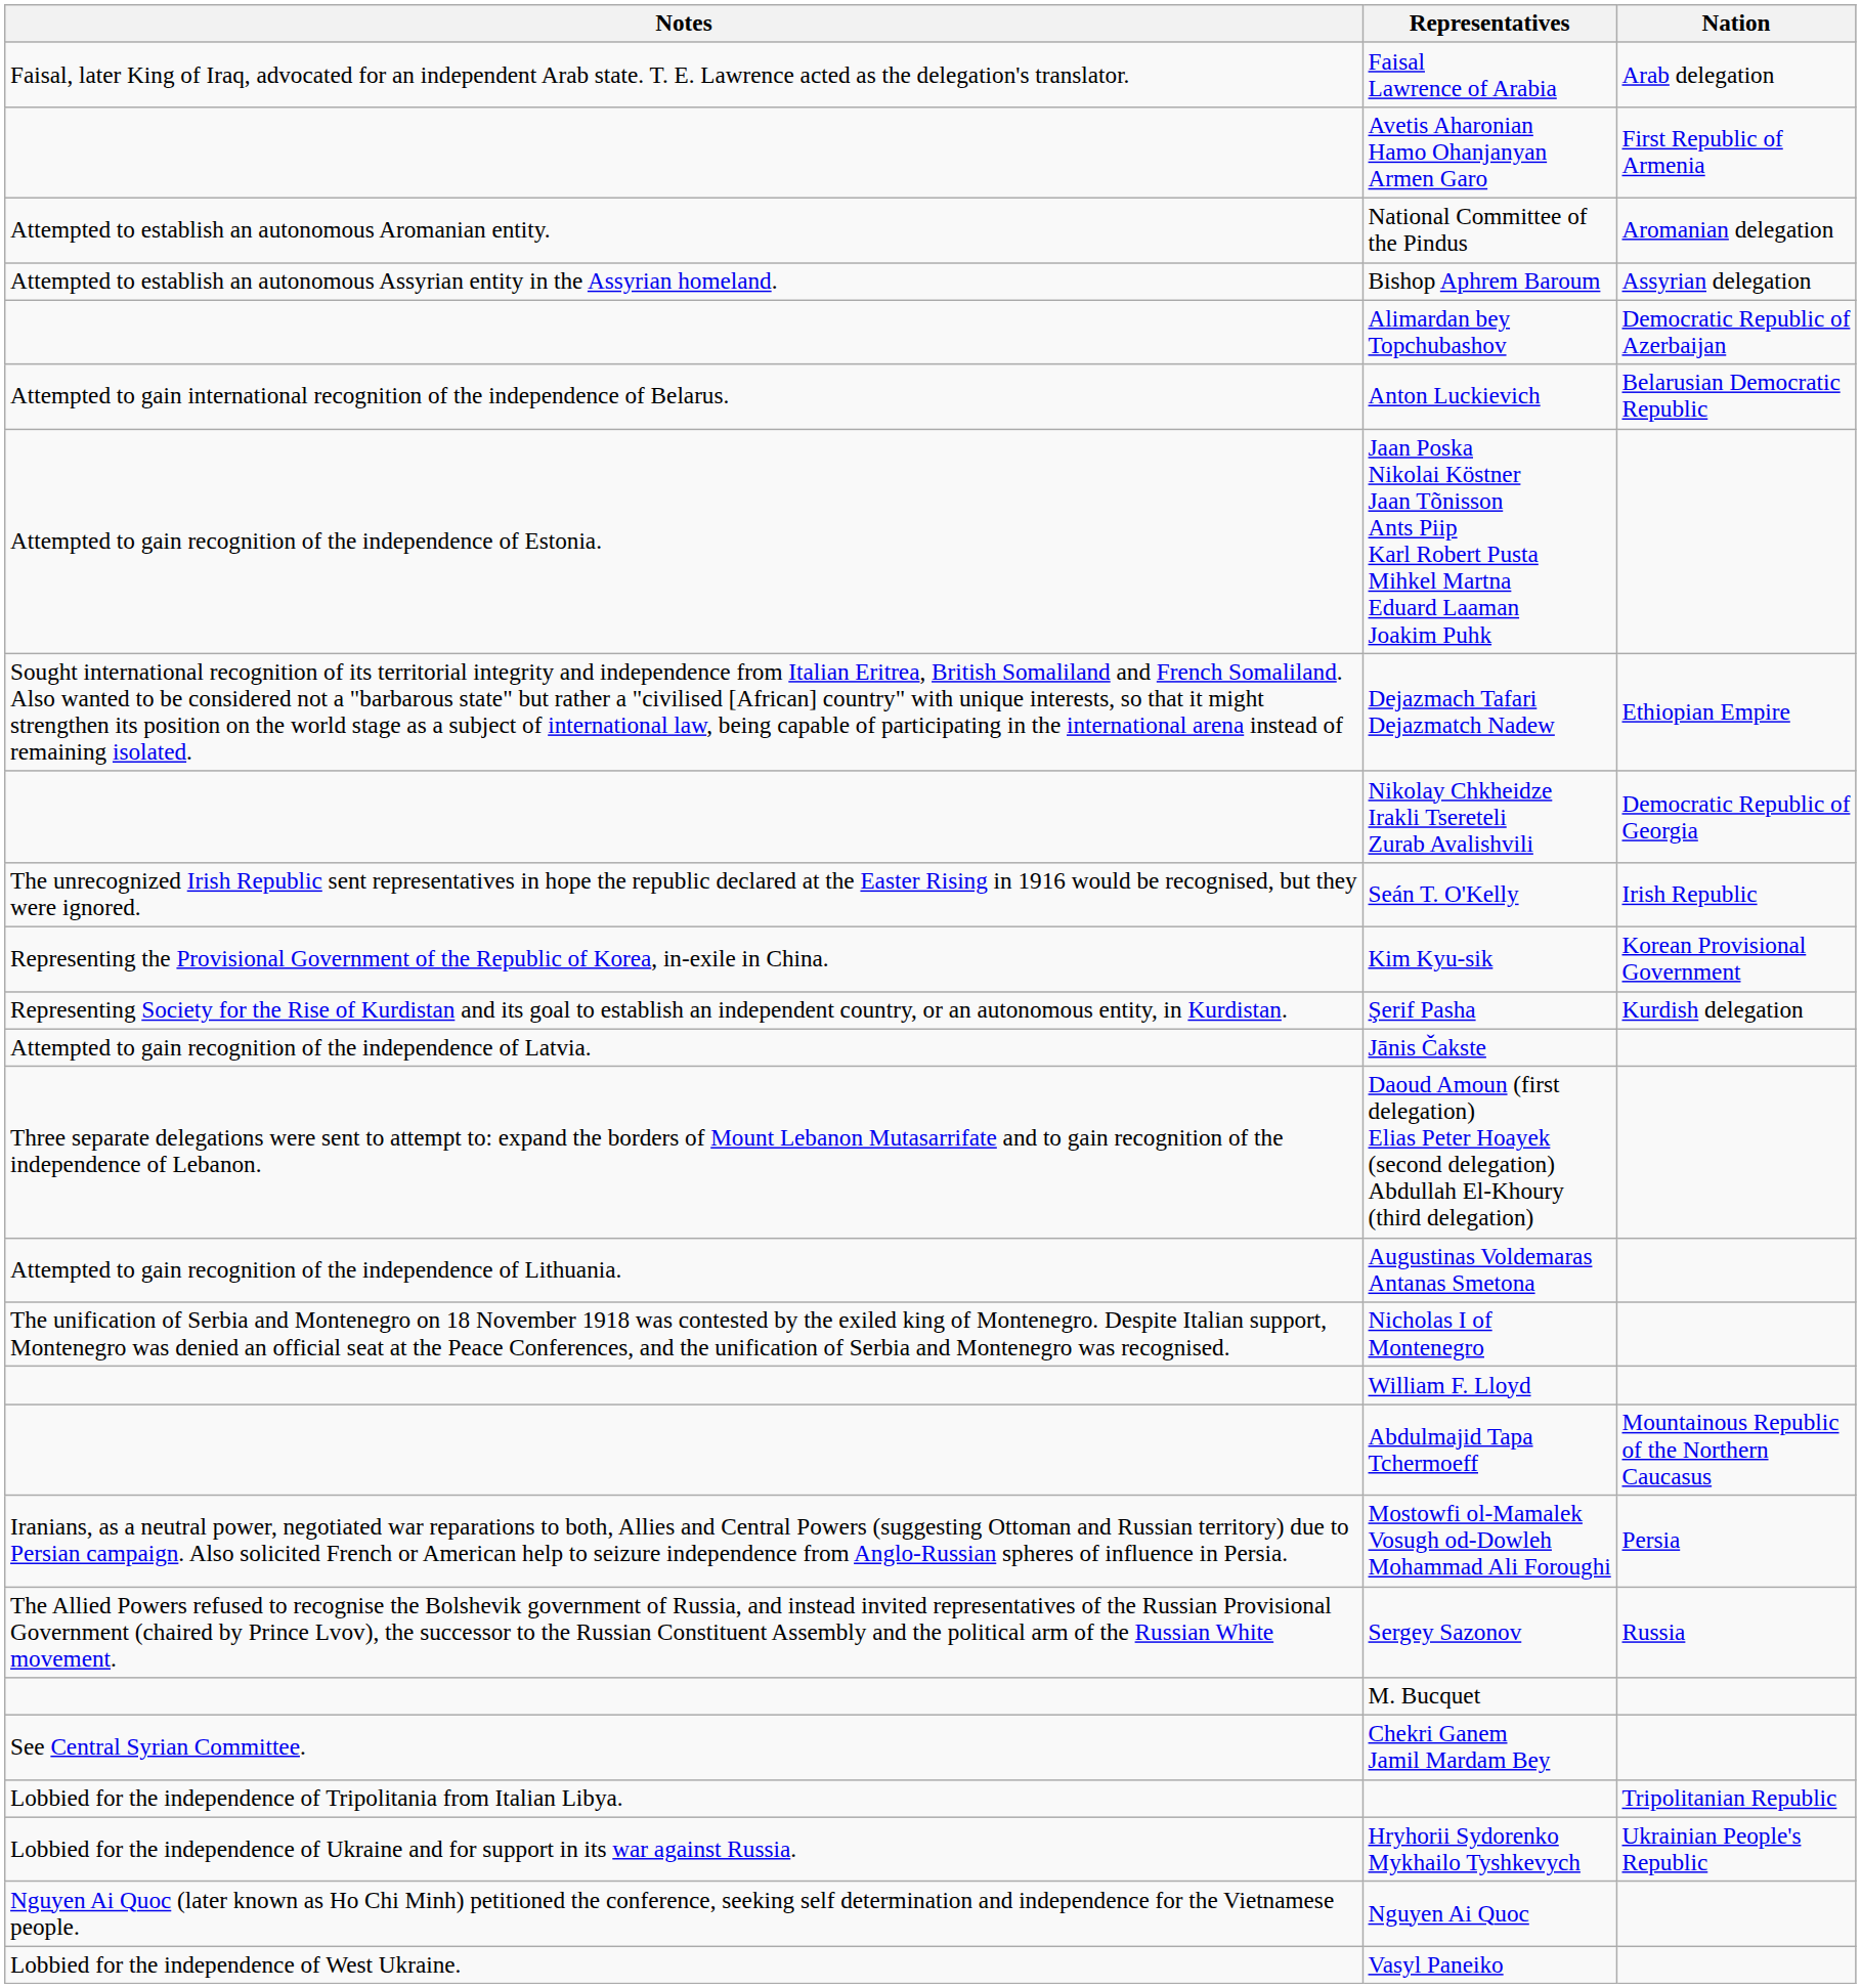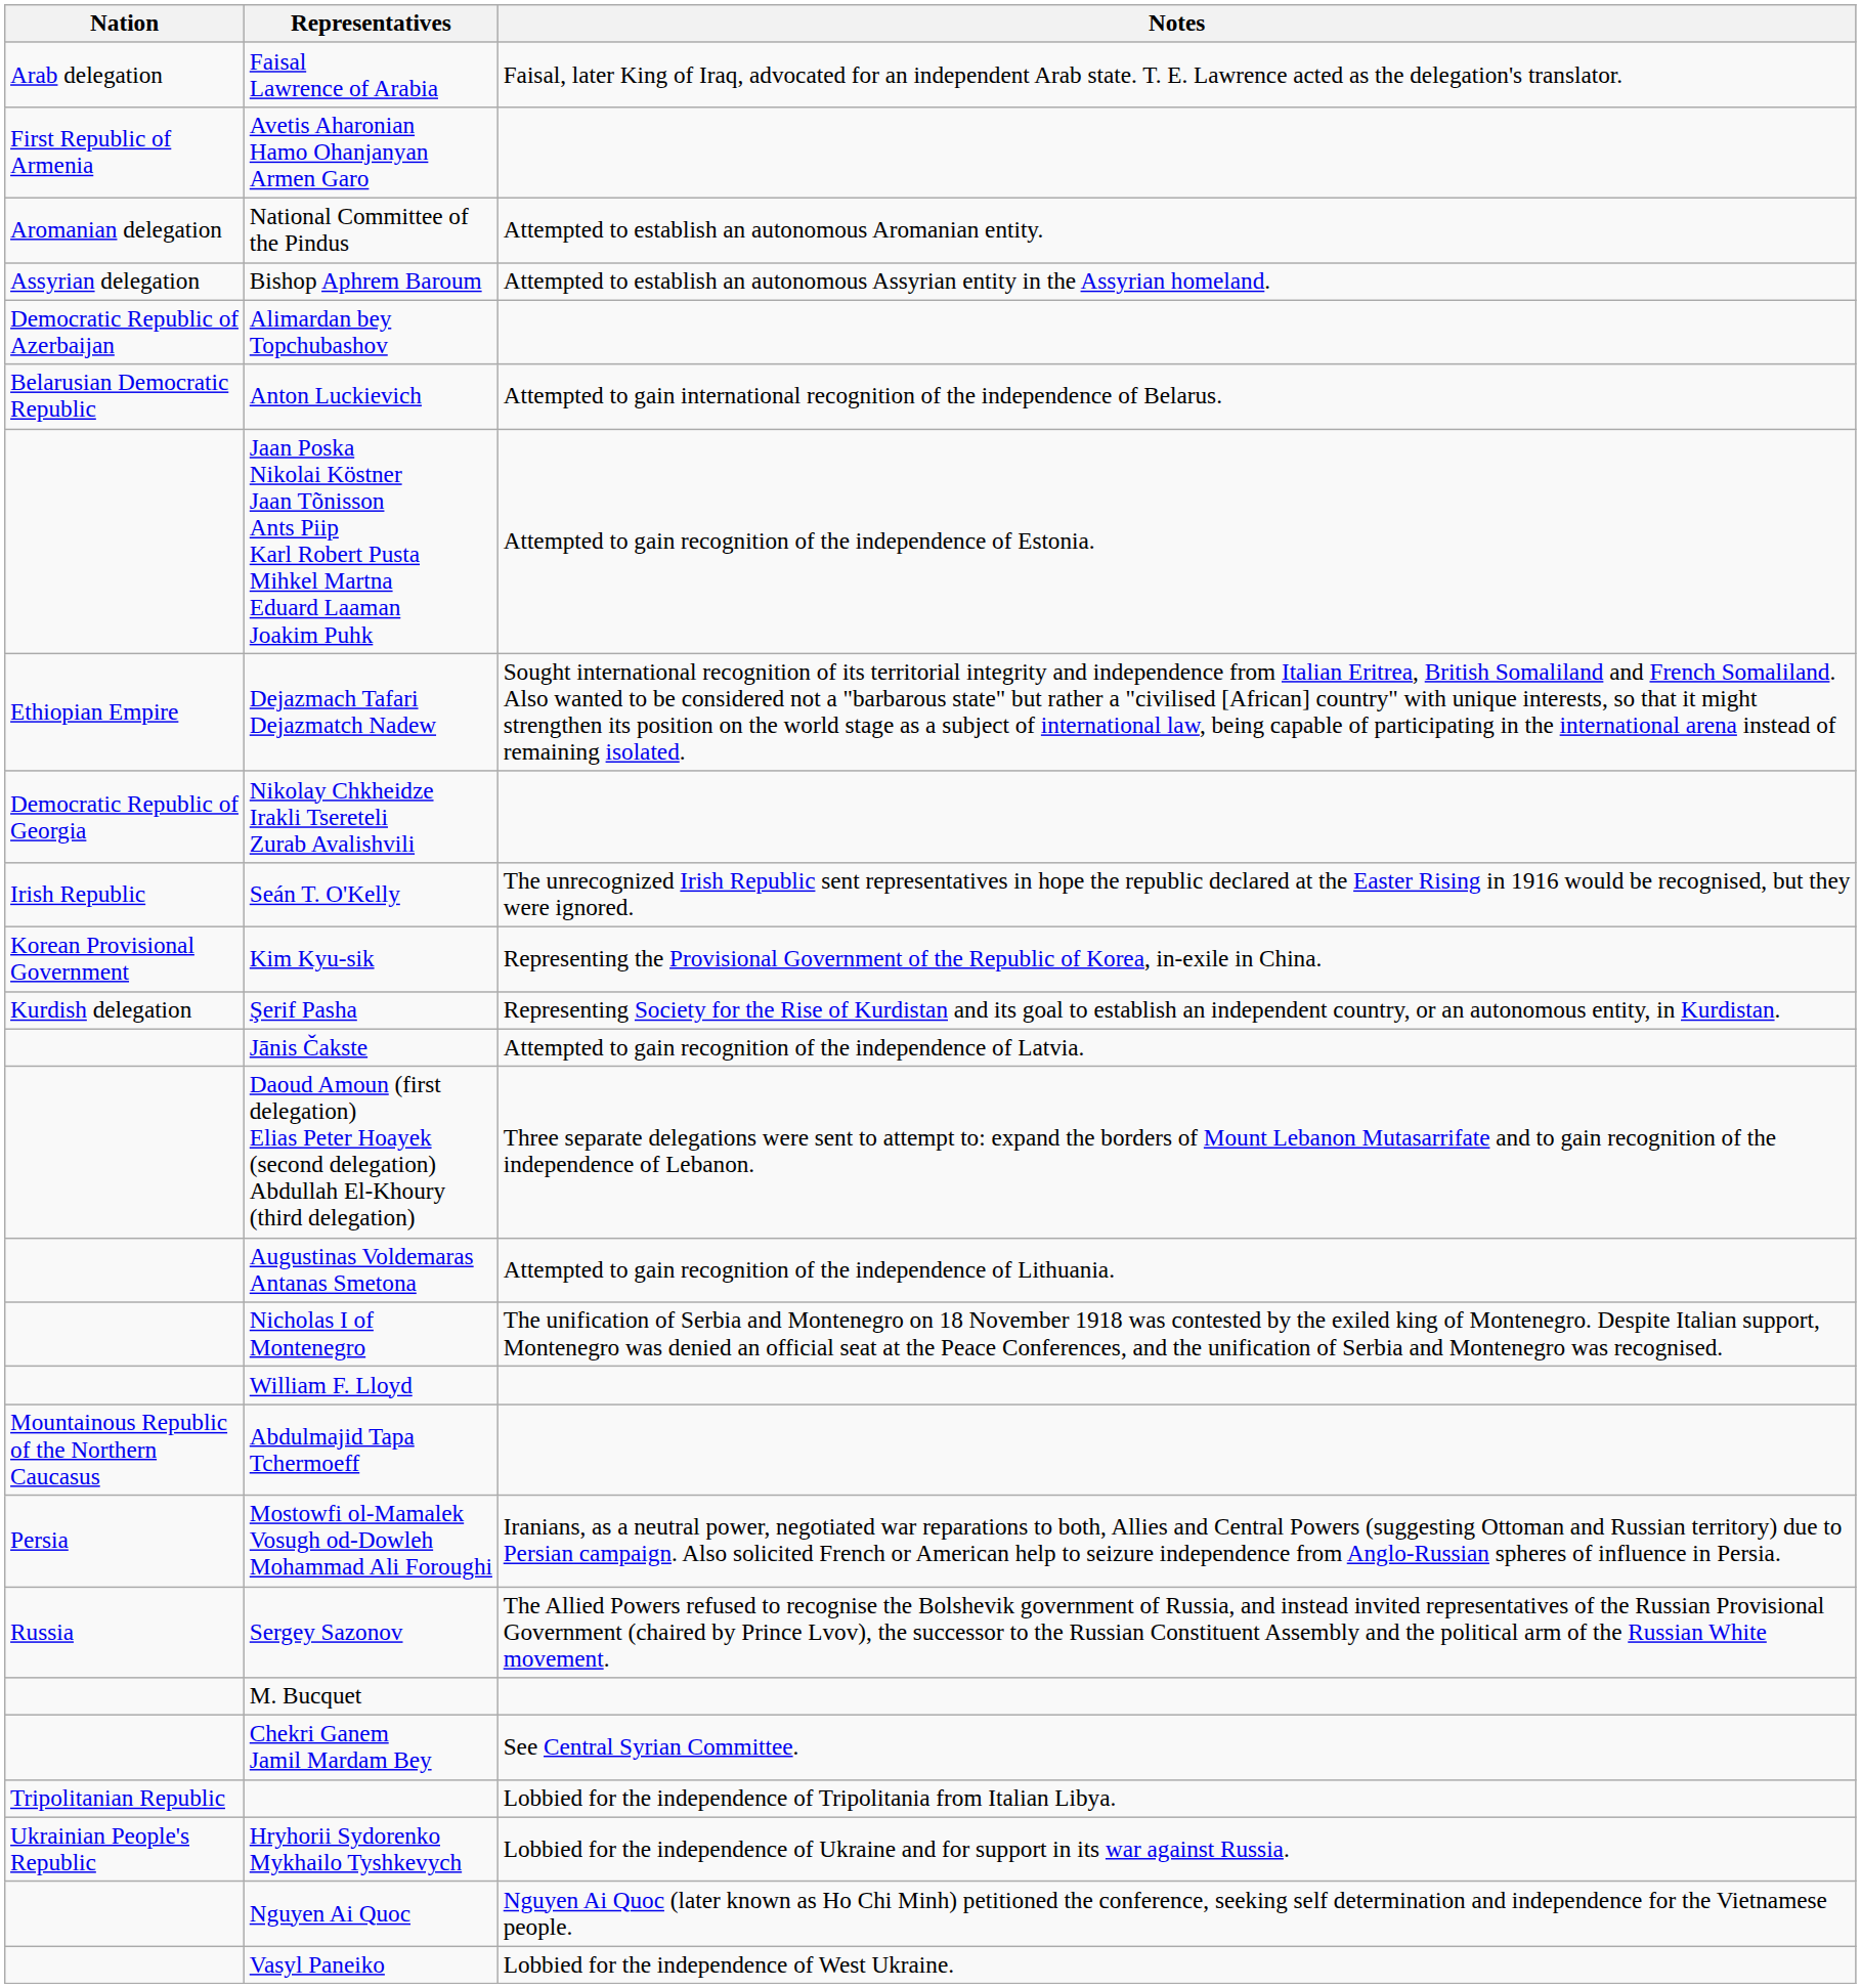 <table class="wikitable sortable">
 <tr>
+<th>Nation</th>
+<th>Representatives</th>
 <th>Notes</th>
-<th>Representatives</th>
-<th>Nation</th>
 </tr>
 <tr>
+<td> <a href='#'>Arab</a> delegation</td>
+<td><a href='#'>Faisal</a><br><a href='#'>Lawrence of Arabia</a></td>
 <td>Faisal, later King of Iraq, advocated for an independent Arab state. T. E. Lawrence acted as the delegation's translator.</td>
-<td><a href='#'>Faisal</a><br><a href='#'>Lawrence of Arabia</a></td>
-<td> <a href='#'>Arab</a> delegation</td>
+</tr>
+<tr>
+<td> <a href='#'>First Republic of Armenia</a></td>
+<td><a href='#'>Avetis Aharonian</a><br><a href='#'>Hamo Ohanjanyan</a><br><a href='#'>Armen Garo</a></td>
+<td></td>
+</tr>
+<tr>
+<td> <a href='#'>Aromanian</a> delegation</td>
+<td>National Committee of the Pindus</td>
+<td>Attempted to establish an autonomous Aromanian entity.</td>
+</tr>
+<tr>
+<td> <a href='#'>Assyrian</a> delegation</td>
+<td>Bishop <a href='#'>Aphrem Baroum</a></td>
+<td>Attempted to establish an autonomous Assyrian entity in the <a href='#'>Assyrian homeland</a>.</td>
+</tr>
+<tr>
+<td> <a href='#'>Democratic Republic of Azerbaijan</a></td>
+<td><a href='#'>Alimardan bey Topchubashov</a></td>
+<td></td>
+</tr>
+<tr>
+<td> <a href='#'>Belarusian Democratic Republic</a></td>
+<td><a href='#'>Anton Luckievich</a></td>
+<td>Attempted to gain international recognition of the independence of Belarus.</td>
 </tr>
 <tr>
 <td></td>
-<td><a href='#'>Avetis Aharonian</a><br><a href='#'>Hamo Ohanjanyan</a><br><a href='#'>Armen Garo</a></td>
-<td> <a href='#'>First Republic of Armenia</a></td>
+<td><a href='#'>Jaan Poska</a><br><a href='#'>Nikolai Köstner</a><br><a href='#'>Jaan Tõnisson</a><br><a href='#'>Ants Piip</a><br><a href='#'>Karl Robert Pusta</a><br><a href='#'>Mihkel Martna</a><br><a href='#'>Eduard Laaman</a><br><a href='#'>Joakim Puhk</a></td>
+<td>Attempted to gain recognition of the independence of Estonia.</td>
 </tr>
 <tr>
-<td>Attempted to establish an autonomous Aromanian entity.</td>
-<td>National Committee of the Pindus</td>
-<td> <a href='#'>Aromanian</a> delegation</td>
+<td> <a href='#'>Ethiopian Empire</a></td>
+<td><a href='#'>Dejazmach Tafari</a><br><a href='#'>Dejazmatch Nadew</a></td>
+<td>Sought international recognition of its territorial integrity and independence from <a href='#'>Italian Eritrea</a>, <a href='#'>British Somaliland</a> and <a href='#'>French Somaliland</a>. Also wanted to be considered not a "barbarous state" but rather a "civilised [African] country" with unique interests, so that it might strengthen its position on the world stage as a subject of <a href='#'>international law</a>, being capable of participating in the <a href='#'>international arena</a> instead of remaining <a href='#'>isolated</a>.</td>
 </tr>
 <tr>
-<td>Attempted to establish an autonomous Assyrian entity in the <a href='#'>Assyrian homeland</a>.</td>
-<td>Bishop <a href='#'>Aphrem Baroum</a></td>
-<td> <a href='#'>Assyrian</a> delegation</td>
+<td> <a href='#'>Democratic Republic of Georgia</a></td>
+<td><a href='#'>Nikolay Chkheidze</a><br><a href='#'>Irakli Tsereteli</a><br><a href='#'>Zurab Avalishvili</a></td>
+<td></td>
+</tr>
+<tr>
+<td> <a href='#'>Irish Republic</a></td>
+<td><a href='#'>Seán T. O'Kelly</a></td>
+<td>The unrecognized <a href='#'>Irish Republic</a> sent representatives in hope the republic declared at the <a href='#'>Easter Rising</a> in 1916 would be recognised, but they were ignored.</td>
+</tr>
+<tr>
+<td> <a href='#'>Korean Provisional Government</a></td>
+<td><a href='#'>Kim Kyu-sik</a></td>
+<td>Representing the <a href='#'>Provisional Government of the Republic of Korea</a>, in-exile in China.</td>
+</tr>
+<tr>
+<td> <a href='#'>Kurdish</a> delegation</td>
+<td><a href='#'>Şerif Pasha</a></td>
+<td>Representing <a href='#'>Society for the Rise of Kurdistan</a> and its goal to establish an independent country, or an autonomous entity, in <a href='#'>Kurdistan</a>.</td>
 </tr>
 <tr>
 <td></td>
-<td><a href='#'>Alimardan bey Topchubashov</a></td>
-<td> <a href='#'>Democratic Republic of Azerbaijan</a></td>
-</tr>
-<tr>
-<td>Attempted to gain international recognition of the independence of Belarus.</td>
-<td><a href='#'>Anton Luckievich</a></td>
-<td> <a href='#'>Belarusian Democratic Republic</a></td>
-</tr>
-<tr>
-<td>Attempted to gain recognition of the independence of Estonia.</td>
-<td><a href='#'>Jaan Poska</a><br><a href='#'>Nikolai Köstner</a><br><a href='#'>Jaan Tõnisson</a><br><a href='#'>Ants Piip</a><br><a href='#'>Karl Robert Pusta</a><br><a href='#'>Mihkel Martna</a><br><a href='#'>Eduard Laaman</a><br><a href='#'>Joakim Puhk</a></td>
-<td></td>
-</tr>
-<tr>
-<td>Sought international recognition of its territorial integrity and independence from <a href='#'>Italian Eritrea</a>, <a href='#'>British Somaliland</a> and <a href='#'>French Somaliland</a>. Also wanted to be considered not a "barbarous state" but rather a "civilised [African] country" with unique interests, so that it might strengthen its position on the world stage as a subject of <a href='#'>international law</a>, being capable of participating in the <a href='#'>international arena</a> instead of remaining <a href='#'>isolated</a>.</td>
-<td><a href='#'>Dejazmach Tafari</a><br><a href='#'>Dejazmatch Nadew</a></td>
-<td> <a href='#'>Ethiopian Empire</a></td>
+<td><a href='#'>Jānis Čakste</a></td>
+<td>Attempted to gain recognition of the independence of Latvia.</td>
 </tr>
 <tr>
 <td></td>
-<td><a href='#'>Nikolay Chkheidze</a><br><a href='#'>Irakli Tsereteli</a><br><a href='#'>Zurab Avalishvili</a></td>
-<td> <a href='#'>Democratic Republic of Georgia</a></td>
+<td><a href='#'>Daoud Amoun</a> (first delegation)<br><a href='#'>Elias Peter Hoayek</a> (second delegation)<br>Abdullah El-Khoury (third delegation)</td>
+<td>Three separate delegations were sent to attempt to: expand the borders of <a href='#'>Mount Lebanon Mutasarrifate</a> and to gain recognition of the independence of Lebanon.</td>
 </tr>
 <tr>
-<td>The unrecognized <a href='#'>Irish Republic</a> sent representatives in hope the republic declared at the <a href='#'>Easter Rising</a> in 1916 would be recognised, but they were ignored.</td>
-<td><a href='#'>Seán T. O'Kelly</a></td>
-<td> <a href='#'>Irish Republic</a></td>
+<td></td>
+<td><a href='#'>Augustinas Voldemaras</a><br><a href='#'>Antanas Smetona</a></td>
+<td>Attempted to gain recognition of the independence of Lithuania.</td>
 </tr>
 <tr>
-<td>Representing the <a href='#'>Provisional Government of the Republic of Korea</a>, in-exile in China.</td>
-<td><a href='#'>Kim Kyu-sik</a></td>
-<td> <a href='#'>Korean Provisional Government</a></td>
-</tr>
-<tr>
-<td>Representing <a href='#'>Society for the Rise of Kurdistan</a> and its goal to establish an independent country, or an autonomous entity, in <a href='#'>Kurdistan</a>.</td>
-<td><a href='#'>Şerif Pasha</a></td>
-<td> <a href='#'>Kurdish</a> delegation</td>
-</tr>
-<tr>
-<td>Attempted to gain recognition of the independence of Latvia.</td>
-<td><a href='#'>Jānis Čakste</a></td>
 <td></td>
-</tr>
-<tr>
-<td>Three separate delegations were sent to attempt to: expand the borders of <a href='#'>Mount Lebanon Mutasarrifate</a> and to gain recognition of the independence of Lebanon.</td>
-<td><a href='#'>Daoud Amoun</a> (first delegation)<br><a href='#'>Elias Peter Hoayek</a> (second delegation)<br>Abdullah El-Khoury (third delegation)</td>
-<td></td>
-</tr>
-<tr>
-<td>Attempted to gain recognition of the independence of Lithuania.</td>
-<td><a href='#'>Augustinas Voldemaras</a><br><a href='#'>Antanas Smetona</a></td>
-<td></td>
-</tr>
-<tr>
+<td><a href='#'>Nicholas I of Montenegro</a></td>
 <td>The unification of Serbia and Montenegro on 18 November 1918 was contested by the exiled king of Montenegro. Despite Italian support, Montenegro was denied an official seat at the Peace Conferences, and the unification of Serbia and Montenegro was recognised.</td>
-<td><a href='#'>Nicholas I of Montenegro</a></td>
-<td></td>
 </tr>
 <tr>
 <td></td>
 <td><a href='#'>William F. Lloyd</a></td>
 <td></td>
 </tr>
 <tr>
+<td> <a href='#'>Mountainous Republic of the Northern Caucasus</a></td>
+<td><a href='#'>Abdulmajid Tapa Tchermoeff</a></td>
 <td></td>
-<td><a href='#'>Abdulmajid Tapa Tchermoeff</a></td>
-<td> <a href='#'>Mountainous Republic of the Northern Caucasus</a></td>
 </tr>
 <tr>
+<td> <a href='#'>Persia</a></td>
+<td><a href='#'>Mostowfi ol-Mamalek</a><br><a href='#'>Vosugh od-Dowleh</a> <a href='#'>Mohammad Ali Foroughi</a></td>
 <td>Iranians, as a neutral power, negotiated war reparations to both, Allies and Central Powers (suggesting Ottoman and Russian territory) due to <a href='#'>Persian campaign</a>. Also solicited French or American help to seizure independence from <a href='#'>Anglo-Russian</a> spheres of influence in Persia.</td>
-<td><a href='#'>Mostowfi ol-Mamalek</a><br><a href='#'>Vosugh od-Dowleh</a> <a href='#'>Mohammad Ali Foroughi</a></td>
-<td> <a href='#'>Persia</a></td>
 </tr>
 <tr>
+<td> <a href='#'>Russia</a></td>
+<td><a href='#'>Sergey Sazonov</a></td>
 <td>The Allied Powers refused to recognise the Bolshevik government of Russia, and instead invited representatives of the Russian Provisional Government (chaired by Prince Lvov), the successor to the Russian Constituent Assembly and the political arm of the <a href='#'>Russian White movement</a>.</td>
-<td><a href='#'>Sergey Sazonov</a></td>
-<td> <a href='#'>Russia</a></td>
 </tr>
 <tr>
 <td></td>
 <td>M. Bucquet</td>
 <td></td>
 </tr>
 <tr>
+<td></td>
+<td><a href='#'>Chekri Ganem</a><br><a href='#'>Jamil Mardam Bey</a></td>
 <td>See <a href='#'>Central Syrian Committee</a>.</td>
-<td><a href='#'>Chekri Ganem</a><br><a href='#'>Jamil Mardam Bey</a></td>
-<td></td>
 </tr>
 <tr>
+<td> <a href='#'>Tripolitanian Republic</a></td>
+<td></td>
 <td>Lobbied for the independence of Tripolitania from Italian Libya.</td>
-<td></td>
-<td> <a href='#'>Tripolitanian Republic</a></td>
 </tr>
 <tr>
+<td> <a href='#'>Ukrainian People's Republic</a></td>
+<td><a href='#'>Hryhorii Sydorenko</a><br><a href='#'>Mykhailo Tyshkevych</a></td>
 <td>Lobbied for the independence of Ukraine and for support in its <a href='#'>war against Russia</a>.</td>
-<td><a href='#'>Hryhorii Sydorenko</a><br><a href='#'>Mykhailo Tyshkevych</a></td>
-<td> <a href='#'>Ukrainian People's Republic</a></td>
 </tr>
 <tr>
+<td></td>
+<td><a href='#'>Nguyen Ai Quoc</a></td>
 <td><a href='#'>Nguyen Ai Quoc</a> (later known as Ho Chi Minh) petitioned the conference, seeking self determination and independence for the Vietnamese people.</td>
-<td><a href='#'>Nguyen Ai Quoc</a></td>
-<td></td>
 </tr>
 <tr>
+<td></td>
+<td><a href='#'>Vasyl Paneiko</a></td>
 <td>Lobbied for the independence of West Ukraine.</td>
-<td><a href='#'>Vasyl Paneiko</a></td>
-<td></td>
 </tr>
 </table>
